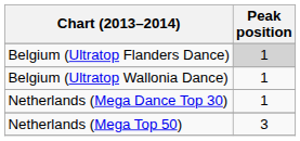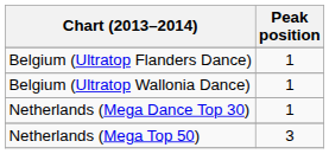 <table class="wikitable sortable">
 <tr>
 <th scope="col">Chart (2013–2014)</th>
 <th scope="col">Peak<br>position</th>
 </tr>
 <tr>
 </tr>
 <tr>
 </tr>
 <tr>
 <td>Belgium (<a href='#'>Ultratop</a> Flanders Dance)</td>
-<td align=center style="background: lightgrey;">1</td>
+<td align=center>1</td>
 </tr>
 <tr>
 </tr>
 <tr>
 <td>Belgium (<a href='#'>Ultratop</a> Wallonia Dance)</td>
 <td align=center>1</td>
 </tr>
 <tr>
 </tr>
 <tr>
 </tr>
 <tr>
 </tr>
 <tr>
 </tr>
 <tr>
 </tr>
 <tr>
 </tr>
 <tr>
 </tr>
 <tr>
 </tr>
 <tr>
 <td>Netherlands (<a href='#'>Mega Dance Top 30</a>)</td>
 <td align=center>1</td>
 </tr>
 <tr>
 </tr>
 <tr>
 <td>Netherlands (<a href='#'>Mega Top 50</a>)</td>
 <td align=center>3</td>
 </tr>
 <tr>
 </tr>
 <tr>
 </tr>
 <tr>
 </tr>
 <tr>
 </tr>
 <tr>
 </tr>
 <tr>
 </tr>
 <tr>
 </tr>
 <tr>
 </tr>
 <tr>
 </tr>
 </table>
